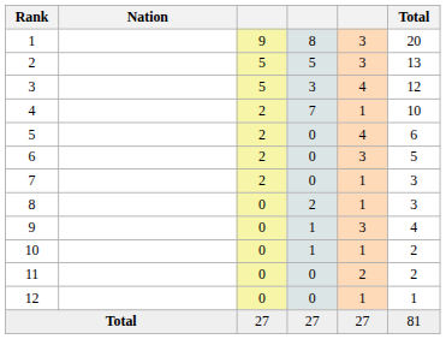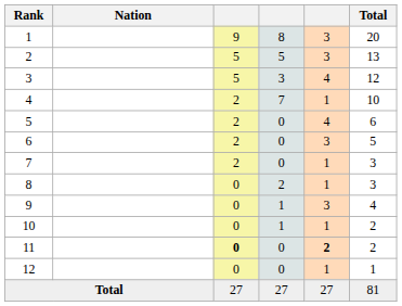 <table class=wikitable width=35% cellspacing="1" cellpadding="3" style="border:1px solid #AAAAAA;font-size:90%">
 <tr bgcolor="#EFEFEF">
 <th width=50>Rank</th>
 <th width=200>Nation</th>
 <th width=50></th>
 <th width=50></th>
 <th width=50></th>
 <th width=50>Total</th>
 </tr>
 <tr align="center" valign="top" bgcolor="#FFFFFF">
 <td rowspan="1" valign="center">1</td>
 <td align="left"></td>
 <td style="background:#F7F6A8;">9</td>
 <td style="background:#DCE5E5;">8</td>
 <td style="background:#FFDAB9;">3</td>
 <td>20</td>
 </tr>
 <tr align="center" valign="top" bgcolor="#FFFFFF">
 <td rowspan="1" valign="center">2</td>
 <td align="left"></td>
 <td style="background:#F7F6A8;">5</td>
 <td style="background:#DCE5E5;">5</td>
 <td style="background:#FFDAB9;">3</td>
 <td>13</td>
 </tr>
 <tr align="center" valign="top" bgcolor="#FFFFFF">
 <td rowspan="1" valign="center">3</td>
 <td align="left"></td>
 <td style="background:#F7F6A8;">5</td>
 <td style="background:#DCE5E5;">3</td>
 <td style="background:#FFDAB9;">4</td>
 <td>12</td>
 </tr>
 <tr align="center" valign="top" bgcolor="#FFFFFF">
 <td rowspan="1" valign="center">4</td>
 <td align="left"></td>
 <td style="background:#F7F6A8;">2</td>
 <td style="background:#DCE5E5;">7</td>
 <td style="background:#FFDAB9;">1</td>
 <td>10</td>
 </tr>
 <tr align="center" valign="top" bgcolor="#FFFFFF">
 <td rowspan="1" valign="center">5</td>
 <td align="left"></td>
 <td style="background:#F7F6A8;">2</td>
 <td style="background:#DCE5E5;">0</td>
 <td style="background:#FFDAB9;">4</td>
 <td>6</td>
 </tr>
 <tr align="center" valign="top" bgcolor="#FFFFFF">
 <td rowspan="1" valign="center">6</td>
 <td align="left"></td>
 <td style="background:#F7F6A8;">2</td>
 <td style="background:#DCE5E5;">0</td>
 <td style="background:#FFDAB9;">3</td>
 <td>5</td>
 </tr>
 <tr align="center" valign="top" bgcolor="#FFFFFF">
 <td rowspan="1" valign="center">7</td>
 <td align="left"></td>
 <td style="background:#F7F6A8;">2</td>
 <td style="background:#DCE5E5;">0</td>
 <td style="background:#FFDAB9;">1</td>
 <td>3</td>
 </tr>
 <tr align="center" valign="top" bgcolor="#FFFFFF">
 <td rowspan="1" valign="center">8</td>
 <td align="left"></td>
 <td style="background:#F7F6A8;">0</td>
 <td style="background:#DCE5E5;">2</td>
 <td style="background:#FFDAB9;">1</td>
 <td>3</td>
 </tr>
 <tr align="center" valign="top" bgcolor="#FFFFFF">
 <td rowspan="1" valign="center">9</td>
 <td align="left"></td>
 <td style="background:#F7F6A8;">0</td>
 <td style="background:#DCE5E5;">1</td>
 <td style="background:#FFDAB9;">3</td>
 <td>4</td>
 </tr>
 <tr align="center" valign="top" bgcolor="#FFFFFF">
 <td rowspan="1" valign="center">10</td>
 <td align="left"></td>
 <td style="background:#F7F6A8;">0</td>
 <td style="background:#DCE5E5;">1</td>
 <td style="background:#FFDAB9;">1</td>
 <td>2</td>
 </tr>
 <tr align="center" valign="top" bgcolor="#FFFFFF">
 <td rowspan="1" valign="center">11</td>
 <td align="left"></td>
-<td style="background:#F7F6A8;">0</td>
+<td style="background:#F7F6A8;"><strong>0</strong></td>
 <td style="background:#DCE5E5;">0</td>
-<td style="background:#FFDAB9;">2</td>
+<td style="background:#FFDAB9;"><strong>2</strong></td>
 <td>2</td>
 </tr>
 <tr align="center" valign="top" bgcolor="#FFFFFF">
 <td rowspan="1" valign="center">12</td>
 <td align="left"></td>
 <td style="background:#F7F6A8;">0</td>
 <td style="background:#DCE5E5;">0</td>
 <td style="background:#FFDAB9;">1</td>
 <td>1</td>
 </tr>
 <tr align="center" valign="top" bgcolor="#EFEFEF">
 <td colspan="2" rowspan="1" valign="center"><strong>Total</strong></td>
 <td>27</td>
 <td>27</td>
 <td>27</td>
 <td>81</td>
 </tr>
 </table>
